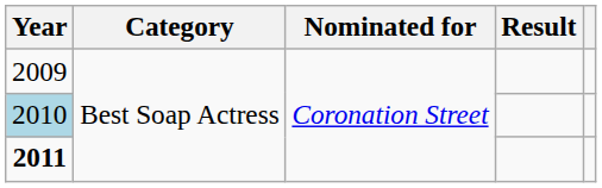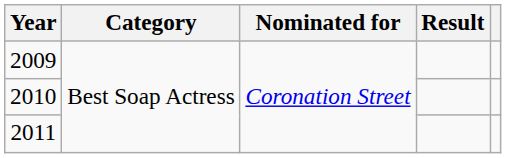 <table class="wikitable plainrowheaders">
 <tr>
 <th scope="col">Year</th>
 <th scope="col">Category</th>
 <th scope="col">Nominated for</th>
 <th scope="col">Result</th>
 <th scope="col"></th>
 </tr>
 <tr>
 <td align="center">2009</td>
 <td rowspan = "3">Best Soap Actress</td>
 <td rowspan = "3"><em><a href='#'>Coronation Street</a></em></td>
 <td></td>
 <td></td>
 </tr>
 <tr>
-<td align="center" style="background: lightblue;">2010</td>
+<td align="center">2010</td>
 <td></td>
 <td></td>
 </tr>
 <tr>
-<td align="center"><strong>2011</strong></td>
+<td align="center">2011</td>
 <td></td>
 <td></td>
 </tr>
 </table>
